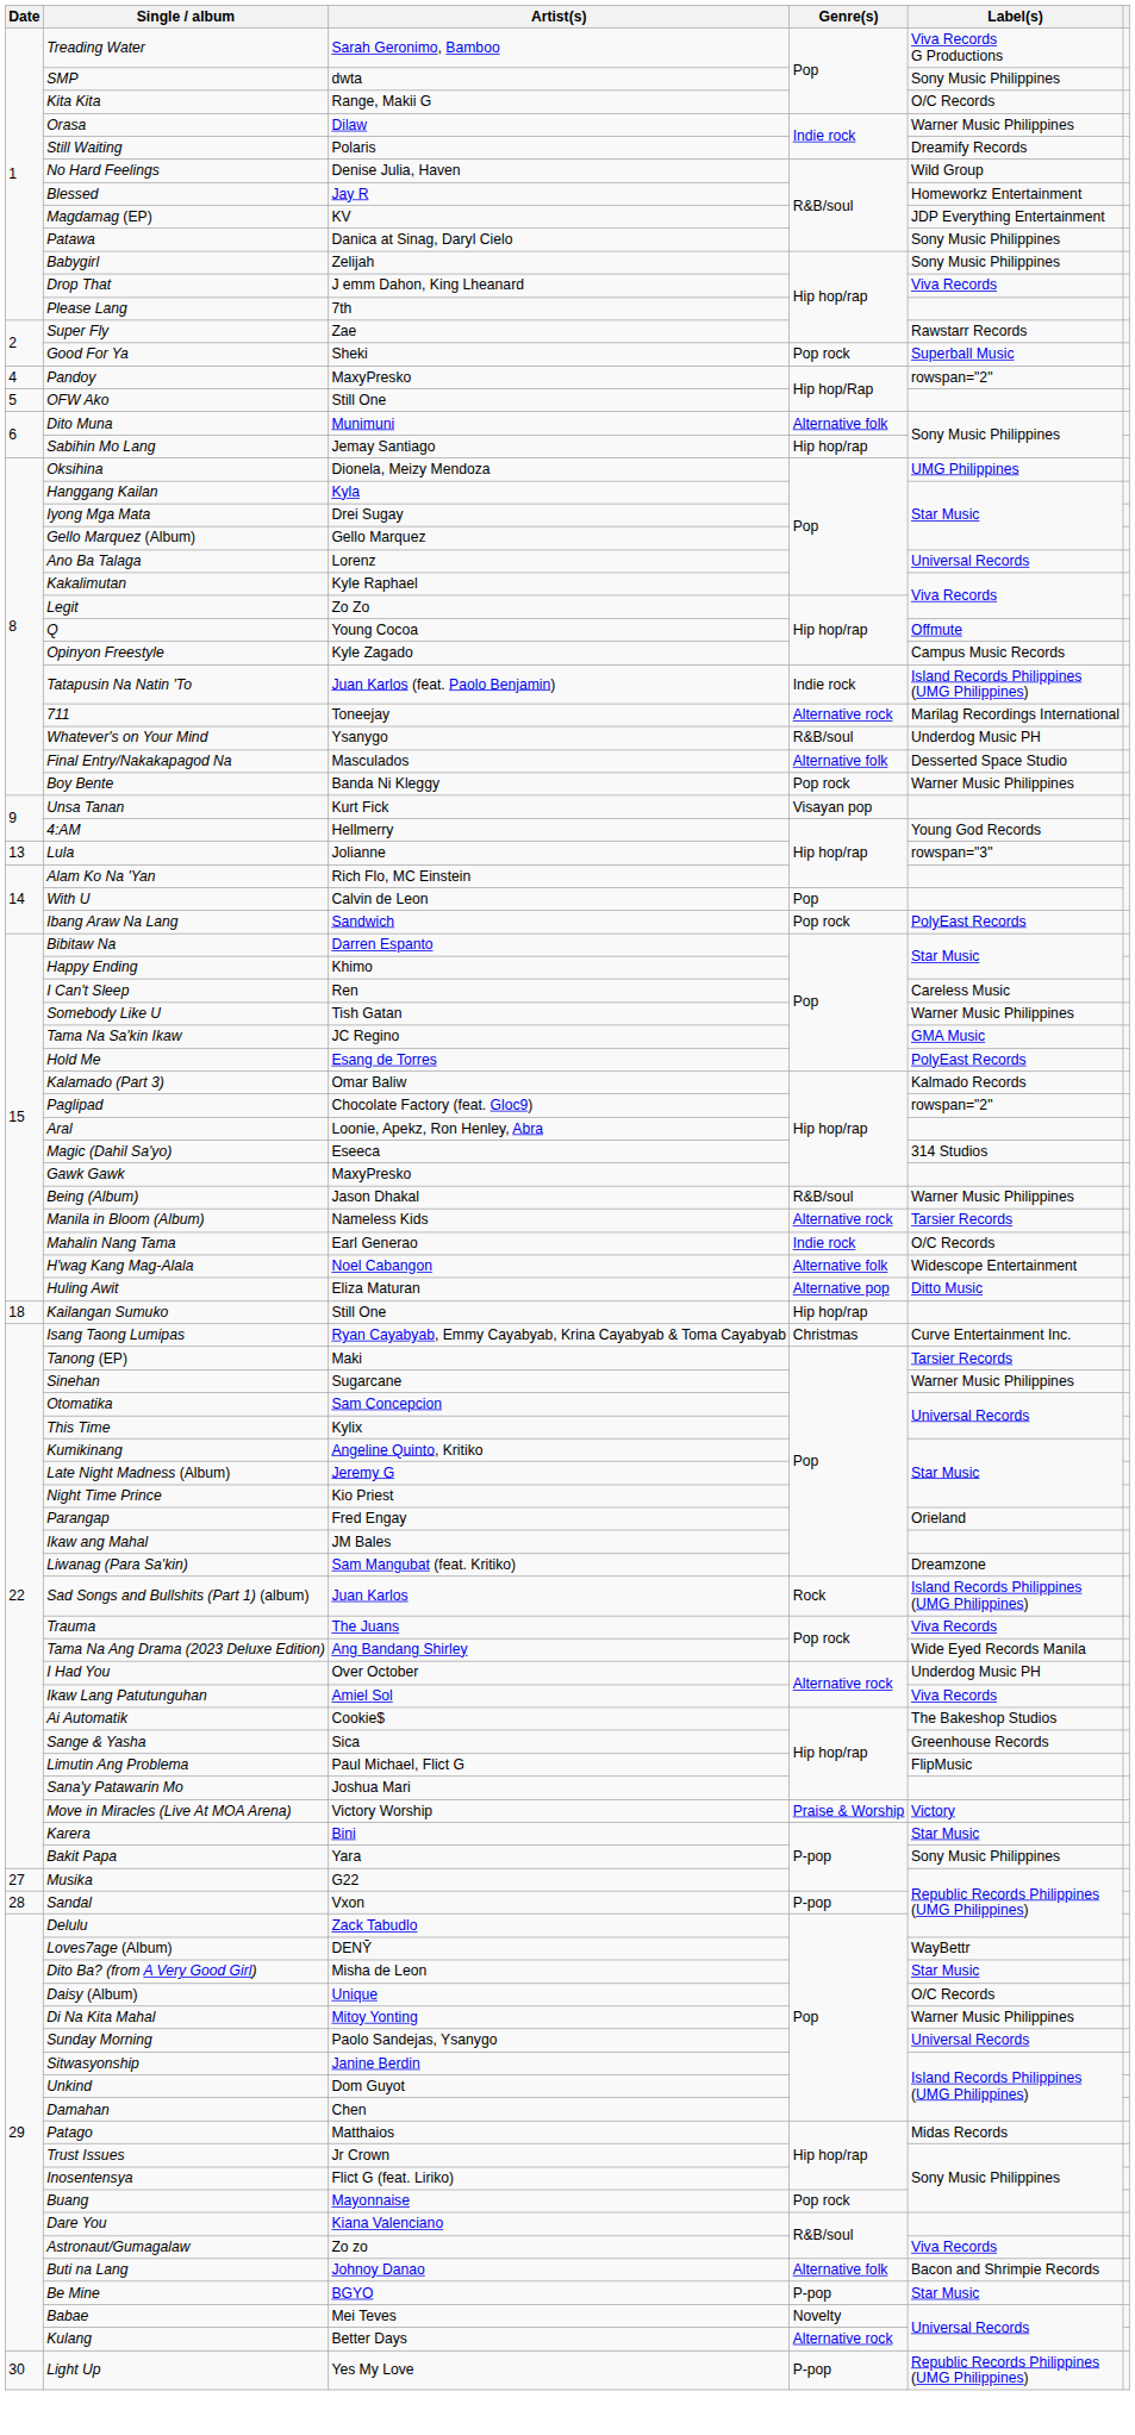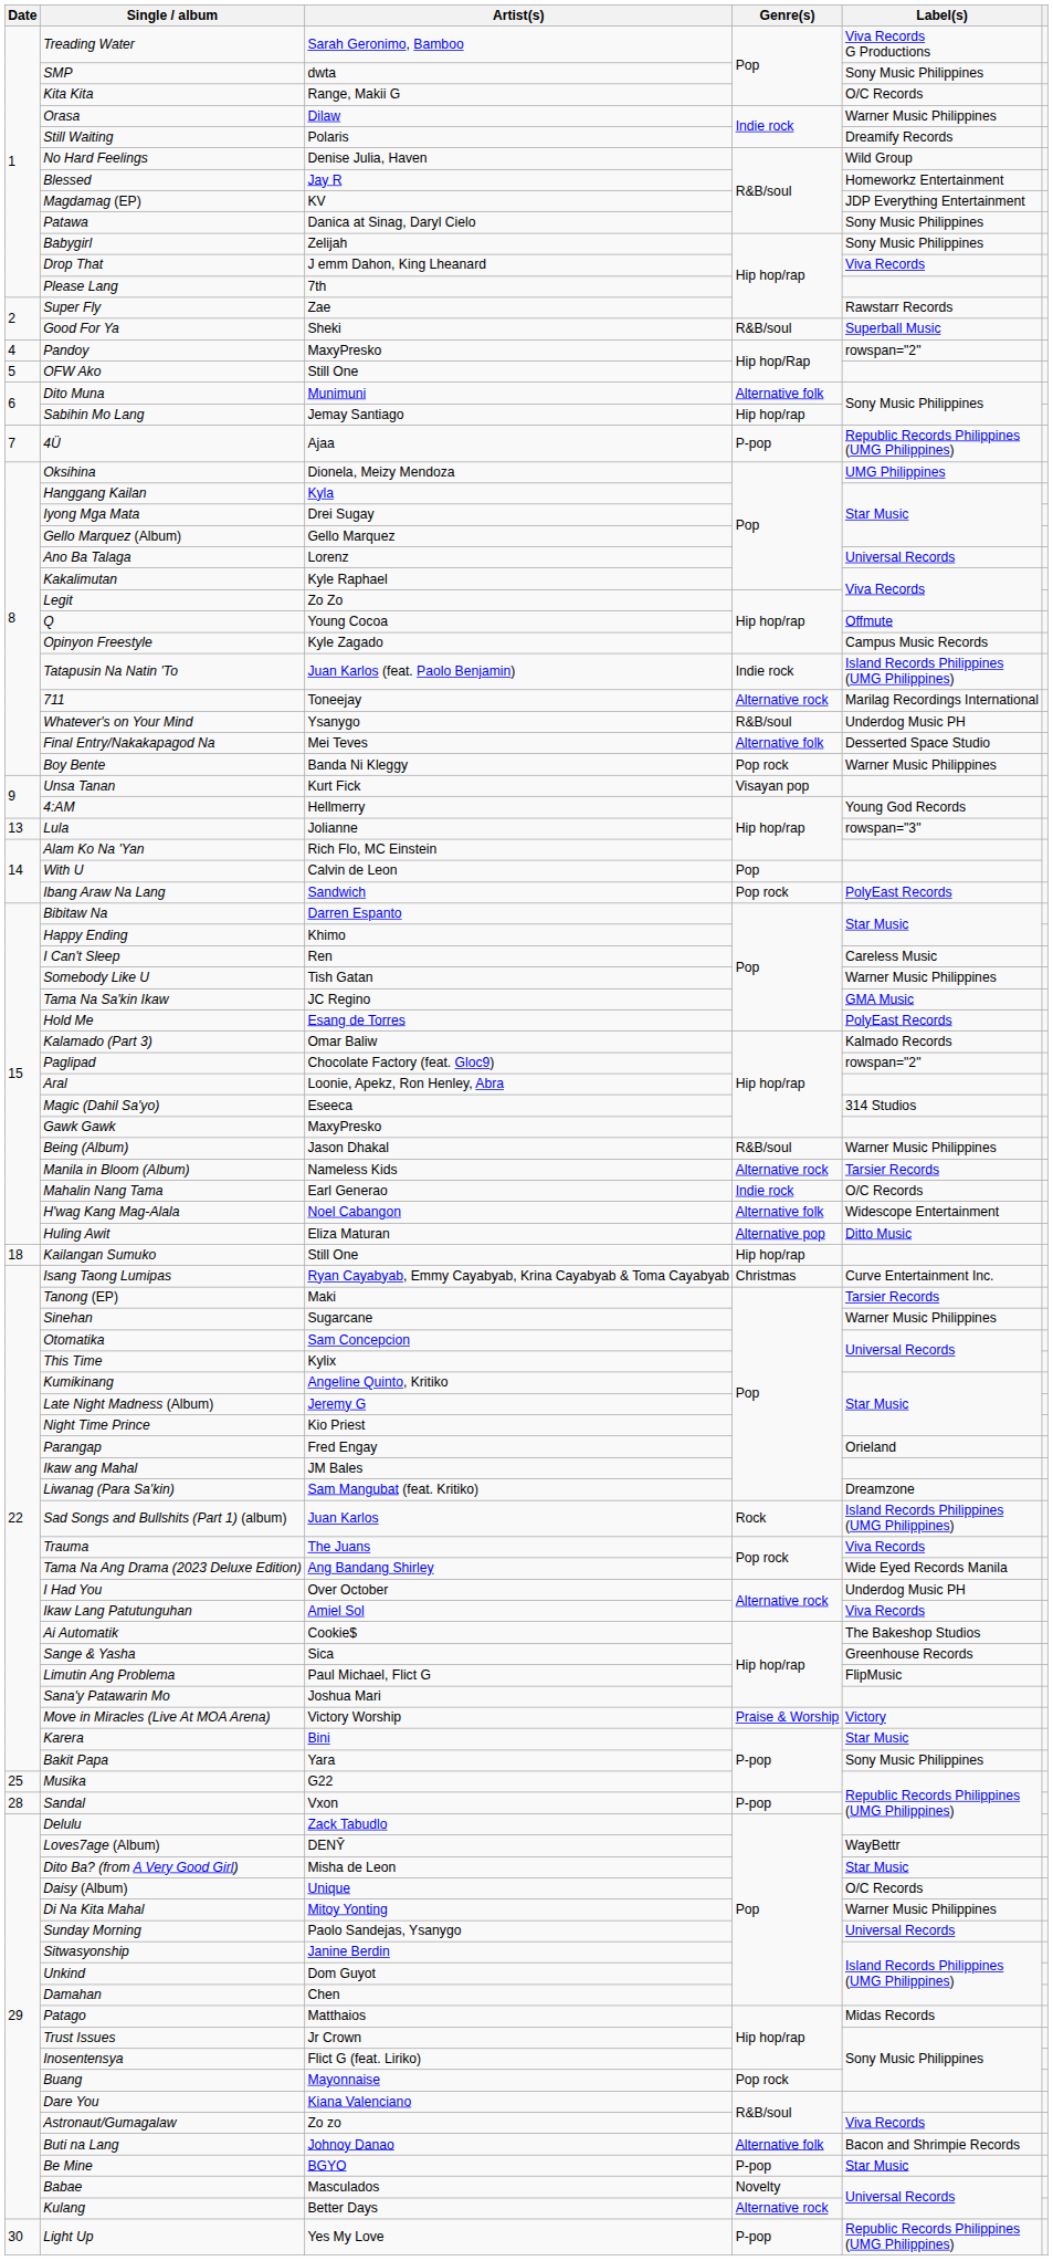 <table class="wikitable">
 <tr>
 <th>Date</th>
 <th>Single / album</th>
 <th>Artist(s)</th>
 <th>Genre(s)</th>
 <th>Label(s)</th>
 <th></th>
 </tr>
 <tr>
 <td rowspan="12">1</td>
 <td><em>Treading Water</em></td>
 <td><a href='#'>Sarah Geronimo</a>, <a href='#'>Bamboo</a></td>
 <td rowspan="3">Pop</td>
 <td><a href='#'>Viva Records</a><br>G Productions</td>
 <td></td>
 </tr>
 <tr>
 <td><em>SMP</em></td>
 <td>dwta</td>
 <td>Sony Music Philippines</td>
 <td></td>
 </tr>
 <tr>
 <td><em>Kita Kita</em></td>
 <td>Range, Makii G</td>
 <td>O/C Records</td>
 <td></td>
 </tr>
 <tr>
 <td><em>Orasa</em></td>
 <td><a href='#'>Dilaw</a></td>
 <td rowspan="2"><a href='#'>Indie rock</a></td>
 <td rowspan="1">Warner Music Philippines</td>
 <td></td>
 </tr>
 <tr>
 <td><em>Still Waiting</em></td>
 <td>Polaris</td>
 <td>Dreamify Records</td>
 </tr>
 <tr>
 <td><em>No Hard Feelings</em></td>
 <td>Denise Julia, Haven</td>
 <td rowspan="4">R&B/soul</td>
 <td>Wild Group</td>
 <td></td>
 </tr>
 <tr>
 <td><em>Blessed</em></td>
 <td><a href='#'>Jay R</a></td>
 <td>Homeworkz Entertainment</td>
 <td></td>
 </tr>
 <tr>
 <td><em>Magdamag</em> (EP)</td>
 <td>KV</td>
 <td>JDP Everything Entertainment</td>
 <td></td>
 </tr>
 <tr>
 <td><em>Patawa</em></td>
 <td>Danica at Sinag, Daryl Cielo</td>
 <td>Sony Music Philippines</td>
 <td></td>
 </tr>
 <tr>
 <td><em>Babygirl</em></td>
 <td>Zelijah</td>
 <td rowspan="4">Hip hop/rap</td>
 <td>Sony Music Philippines</td>
 <td></td>
 </tr>
 <tr>
 <td><em>Drop That</em></td>
 <td>J emm Dahon, King Lheanard</td>
 <td><a href='#'>Viva Records</a></td>
 <td></td>
 </tr>
 <tr>
 <td><em>Please Lang</em></td>
 <td>7th</td>
 <td></td>
 <td></td>
 </tr>
 <tr>
 <td rowspan="2">2</td>
 <td><em>Super Fly</em></td>
 <td>Zae</td>
 <td>Rawstarr Records</td>
 <td></td>
 </tr>
 <tr>
 <td><em>Good For Ya</em></td>
 <td>Sheki</td>
-<td>Pop rock</td>
+<td>R&B/soul</td>
 <td><a href='#'>Superball Music</a></td>
 <td></td>
 </tr>
 <tr>
 <td>4</td>
 <td><em>Pandoy</em></td>
 <td>MaxyPresko</td>
 <td rowspan="2">Hip hop/Rap</td>
 <td>rowspan="2" </td>
 <td></td>
 </tr>
 <tr>
 <td>5</td>
 <td><em>OFW Ako</em></td>
 <td>Still One</td>
 <td></td>
 </tr>
 <tr>
 <td rowspan="2">6</td>
 <td><em>Dito Muna</em></td>
 <td><a href='#'>Munimuni</a></td>
 <td><a href='#'>Alternative folk</a></td>
 <td rowspan="2">Sony Music Philippines</td>
 <td></td>
 </tr>
 <tr>
 <td><em>Sabihin Mo Lang</em></td>
 <td>Jemay Santiago</td>
 <td>Hip hop/rap</td>
+<td></td>
+</tr>
+<tr>
+<td>7</td>
+<td><em>4Ü</em></td>
+<td>Ajaa</td>
+<td>P-pop</td>
+<td><a href='#'>Republic Records Philippines</a><br>(<a href='#'>UMG Philippines</a>)</td>
 <td></td>
 </tr>
 <tr>
 <td rowspan="14">8</td>
 <td><em>Oksihina</em></td>
 <td>Dionela, Meizy Mendoza</td>
 <td rowspan="6">Pop</td>
 <td><a href='#'>UMG Philippines</a></td>
 <td></td>
 </tr>
 <tr>
 <td><em>Hanggang Kailan</em></td>
 <td><a href='#'>Kyla</a></td>
 <td rowspan="3"><a href='#'>Star Music</a></td>
 <td></td>
 </tr>
 <tr>
 <td><em>Iyong Mga Mata</em></td>
 <td>Drei Sugay</td>
 <td></td>
 </tr>
 <tr>
 <td><em>Gello Marquez</em> (Album)</td>
 <td>Gello Marquez</td>
 <td></td>
 </tr>
 <tr>
 <td><em>Ano Ba Talaga</em></td>
 <td>Lorenz</td>
 <td><a href='#'>Universal Records</a></td>
 <td></td>
 </tr>
 <tr>
 <td><em>Kakalimutan</em></td>
 <td>Kyle Raphael</td>
 <td rowspan="2"><a href='#'>Viva Records</a></td>
 <td></td>
 </tr>
 <tr>
 <td><em>Legit</em></td>
 <td>Zo Zo</td>
 <td rowspan="3">Hip hop/rap</td>
 <td></td>
 </tr>
 <tr>
 <td><em>Q</em></td>
 <td>Young Cocoa</td>
 <td><a href='#'>Offmute</a></td>
 <td></td>
 </tr>
 <tr>
 <td><em>Opinyon Freestyle</em></td>
 <td>Kyle Zagado</td>
 <td>Campus Music Records</td>
 <td></td>
 </tr>
 <tr>
 <td><em>Tatapusin Na Natin 'To</em></td>
 <td><a href='#'>Juan Karlos</a> (feat. <a href='#'>Paolo Benjamin</a>)</td>
 <td>Indie rock</td>
 <td><a href='#'>Island Records Philippines</a><br>(<a href='#'>UMG Philippines</a>)</td>
 <td></td>
 </tr>
 <tr>
 <td><em>711</em></td>
 <td>Toneejay</td>
 <td><a href='#'>Alternative rock</a></td>
 <td>Marilag Recordings International</td>
 <td></td>
 </tr>
 <tr>
 <td><em>Whatever's on Your Mind</em></td>
 <td>Ysanygo</td>
 <td>R&B/soul</td>
 <td>Underdog Music PH</td>
 </tr>
 <tr>
 <td><em>Final Entry/Nakakapagod Na</em></td>
-<td>Masculados</td>
+<td>Mei Teves</td>
 <td><a href='#'>Alternative folk</a></td>
 <td>Desserted Space Studio</td>
 <td></td>
 </tr>
 <tr>
 <td><em>Boy Bente</em></td>
 <td>Banda Ni Kleggy</td>
 <td>Pop rock</td>
 <td>Warner Music Philippines</td>
 <td></td>
 </tr>
 <tr>
 <td rowspan="2">9</td>
 <td><em>Unsa Tanan</em></td>
 <td>Kurt Fick</td>
 <td>Visayan pop</td>
 <td></td>
 <td></td>
 </tr>
 <tr>
 <td><em>4:AM</em></td>
 <td>Hellmerry</td>
 <td rowspan="3">Hip hop/rap</td>
 <td>Young God Records</td>
 <td></td>
 </tr>
 <tr>
 <td>13</td>
 <td><em>Lula</em></td>
 <td>Jolianne</td>
 <td>rowspan="3" </td>
 <td></td>
 </tr>
 <tr>
 <td rowspan="3">14</td>
 <td><em>Alam Ko Na 'Yan</em></td>
 <td>Rich Flo, MC Einstein</td>
 <td></td>
 </tr>
 <tr>
 <td><em>With U</em></td>
 <td>Calvin de Leon</td>
 <td>Pop</td>
 <td></td>
 </tr>
 <tr>
 <td><em>Ibang Araw Na Lang</em></td>
 <td><a href='#'>Sandwich</a></td>
 <td>Pop rock</td>
 <td><a href='#'>PolyEast Records</a></td>
 <td></td>
 </tr>
 <tr>
 <td rowspan="16">15</td>
 <td><em>Bibitaw Na</em></td>
 <td><a href='#'>Darren Espanto</a></td>
 <td rowspan="6">Pop</td>
 <td rowspan="2"><a href='#'>Star Music</a></td>
 <td></td>
 </tr>
 <tr>
 <td><em>Happy Ending</em></td>
 <td>Khimo</td>
 <td></td>
 </tr>
 <tr>
 <td><em>I Can't Sleep</em></td>
 <td>Ren</td>
 <td>Careless Music</td>
 <td></td>
 </tr>
 <tr>
 <td><em>Somebody Like U</em></td>
 <td>Tish Gatan</td>
 <td>Warner Music Philippines</td>
 <td></td>
 </tr>
 <tr>
 <td><em>Tama Na Sa'kin Ikaw</em></td>
 <td>JC Regino</td>
 <td><a href='#'>GMA Music</a></td>
 <td></td>
 </tr>
 <tr>
 <td><em>Hold Me</em></td>
 <td><a href='#'>Esang de Torres</a></td>
 <td><a href='#'>PolyEast Records</a></td>
 <td></td>
 </tr>
 <tr>
 <td><em>Kalamado (Part 3)</em></td>
 <td>Omar Baliw</td>
 <td rowspan="5">Hip hop/rap</td>
 <td>Kalmado Records</td>
 <td></td>
 </tr>
 <tr>
 <td><em>Paglipad</em></td>
 <td>Chocolate Factory (feat. <a href='#'>Gloc9</a>)</td>
 <td>rowspan="2" </td>
 <td></td>
 </tr>
 <tr>
 <td><em>Aral</em></td>
 <td>Loonie, Apekz, Ron Henley, <a href='#'>Abra</a></td>
 <td></td>
 </tr>
 <tr>
 <td><em>Magic (Dahil Sa'yo)</em></td>
 <td>Eseeca</td>
 <td>314 Studios</td>
 <td></td>
 </tr>
 <tr>
 <td><em>Gawk Gawk</em></td>
 <td>MaxyPresko</td>
 <td></td>
 <td></td>
 </tr>
 <tr>
 <td><em>Being (Album)</em></td>
 <td>Jason Dhakal</td>
 <td>R&B/soul</td>
 <td>Warner Music Philippines</td>
 <td></td>
 </tr>
 <tr>
 <td><em>Manila in Bloom (Album)</em></td>
 <td>Nameless Kids</td>
 <td><a href='#'>Alternative rock</a></td>
 <td><a href='#'>Tarsier Records</a></td>
 <td></td>
 </tr>
 <tr>
 <td><em>Mahalin Nang Tama</em></td>
 <td>Earl Generao</td>
 <td><a href='#'>Indie rock</a></td>
 <td>O/C Records</td>
 <td></td>
 </tr>
 <tr>
 <td><em>H'wag Kang Mag-Alala</em></td>
 <td><a href='#'>Noel Cabangon</a></td>
 <td><a href='#'>Alternative folk</a></td>
 <td>Widescope Entertainment</td>
 <td></td>
 </tr>
 <tr>
 <td><em>Huling Awit</em></td>
 <td>Eliza Maturan</td>
 <td><a href='#'>Alternative pop</a></td>
 <td><a href='#'>Ditto Music</a></td>
 <td></td>
 </tr>
 <tr>
 <td>18</td>
 <td><em>Kailangan Sumuko</em></td>
 <td>Still One</td>
 <td>Hip hop/rap</td>
 <td></td>
 <td></td>
 </tr>
 <tr>
 <td rowspan="23">22</td>
 <td><em>Isang Taong Lumipas</em></td>
 <td><a href='#'>Ryan Cayabyab</a>, Emmy Cayabyab, Krina Cayabyab & Toma Cayabyab</td>
 <td>Christmas</td>
 <td>Curve Entertainment Inc.</td>
 <td></td>
 </tr>
 <tr>
 <td><em>Tanong</em> (EP)</td>
 <td>Maki</td>
 <td rowspan="10">Pop</td>
 <td><a href='#'>Tarsier Records</a></td>
 <td></td>
 </tr>
 <tr>
 <td><em>Sinehan</em></td>
 <td>Sugarcane</td>
 <td>Warner Music Philippines</td>
 <td></td>
 </tr>
 <tr>
 <td><em>Otomatika</em></td>
 <td><a href='#'>Sam Concepcion</a></td>
 <td rowspan="2"><a href='#'>Universal Records</a></td>
 <td></td>
 </tr>
 <tr>
 <td><em>This Time</em></td>
 <td>Kylix</td>
 <td></td>
 </tr>
 <tr>
 <td><em>Kumikinang</em></td>
 <td><a href='#'>Angeline Quinto</a>, Kritiko</td>
 <td rowspan="3"><a href='#'>Star Music</a></td>
 <td></td>
 </tr>
 <tr>
 <td><em>Late Night Madness</em> (Album)</td>
 <td><a href='#'>Jeremy G</a></td>
 <td></td>
 </tr>
 <tr>
 <td><em>Night Time Prince</em></td>
 <td>Kio Priest</td>
 <td></td>
 </tr>
 <tr>
 <td><em>Parangap</em></td>
 <td>Fred Engay</td>
 <td>Orieland</td>
 <td></td>
 </tr>
 <tr>
 <td><em>Ikaw ang Mahal</em></td>
 <td>JM Bales</td>
 <td></td>
 <td></td>
 </tr>
 <tr>
 <td><em>Liwanag (Para Sa'kin)</em></td>
 <td><a href='#'>Sam Mangubat</a> (feat. Kritiko)</td>
 <td>Dreamzone</td>
 <td></td>
 </tr>
 <tr>
 <td><em>Sad Songs and Bullshits (Part 1)</em> (album)</td>
 <td><a href='#'>Juan Karlos</a></td>
 <td>Rock</td>
 <td><a href='#'>Island Records Philippines</a><br>(<a href='#'>UMG Philippines</a>)</td>
 <td></td>
 </tr>
 <tr>
 <td><em>Trauma</em></td>
 <td><a href='#'>The Juans</a></td>
 <td rowspan="2">Pop rock</td>
 <td><a href='#'>Viva Records</a></td>
 <td></td>
 </tr>
 <tr>
 <td><em>Tama Na Ang Drama (2023 Deluxe Edition)</em></td>
 <td><a href='#'>Ang Bandang Shirley</a></td>
 <td>Wide Eyed Records Manila</td>
 <td></td>
 </tr>
 <tr>
 <td><em>I Had You</em></td>
 <td>Over October</td>
 <td rowspan="2"><a href='#'>Alternative rock</a></td>
 <td>Underdog Music PH</td>
 <td></td>
 </tr>
 <tr>
 <td><em>Ikaw Lang Patutunguhan</em></td>
 <td><a href='#'>Amiel Sol</a></td>
 <td><a href='#'>Viva Records</a></td>
 <td></td>
 </tr>
 <tr>
 <td><em>Ai Automatik</em></td>
 <td>Cookie$</td>
 <td rowspan="4">Hip hop/rap</td>
 <td>The Bakeshop Studios</td>
 <td></td>
 </tr>
 <tr>
 <td><em>Sange & Yasha</em></td>
 <td>Sica</td>
 <td>Greenhouse Records</td>
 <td></td>
 </tr>
 <tr>
 <td><em>Limutin Ang Problema</em></td>
 <td>Paul Michael, Flict G</td>
 <td>FlipMusic</td>
 <td></td>
 </tr>
 <tr>
 <td><em>Sana'y Patawarin Mo</em></td>
 <td>Joshua Mari</td>
 <td></td>
 <td></td>
 </tr>
 <tr>
 <td><em>Move in Miracles (Live At MOA Arena)</em></td>
 <td>Victory Worship</td>
 <td><a href='#'>Praise & Worship</a></td>
 <td><a href='#'>Victory</a></td>
 <td></td>
 </tr>
 <tr>
 <td><em>Karera</em></td>
 <td><a href='#'>Bini</a></td>
 <td rowspan="3">P-pop</td>
 <td><a href='#'>Star Music</a></td>
 <td></td>
 </tr>
 <tr>
 <td><em>Bakit Papa</em></td>
 <td>Yara</td>
 <td>Sony Music Philippines</td>
 <td></td>
 </tr>
 <tr>
-<td>27</td>
+<td>25</td>
 <td><em>Musika</em></td>
 <td>G22</td>
 <td rowspan="3"><a href='#'>Republic Records Philippines</a><br>(<a href='#'>UMG Philippines</a>)</td>
 <td></td>
 </tr>
 <tr>
 <td>28</td>
 <td><em>Sandal</em></td>
 <td>Vxon</td>
 <td>P-pop</td>
 <td></td>
 </tr>
 <tr>
 <td rowspan="19">29</td>
 <td><em>Delulu</em></td>
 <td><a href='#'>Zack Tabudlo</a></td>
 <td rowspan="9">Pop</td>
 <td></td>
 </tr>
 <tr>
 <td><em>Loves7age</em> (Album)</td>
 <td>DENȲ</td>
 <td>WayBettr</td>
 <td></td>
 </tr>
 <tr>
 <td><em>Dito Ba? (from <a href='#'>A Very Good Girl</a>)</em></td>
 <td>Misha de Leon</td>
 <td><a href='#'>Star Music</a></td>
 <td></td>
 </tr>
 <tr>
 <td><em>Daisy</em> (Album)</td>
 <td><a href='#'>Unique</a></td>
 <td>O/C Records</td>
 <td></td>
 </tr>
 <tr>
 <td><em>Di Na Kita Mahal</em></td>
 <td><a href='#'>Mitoy Yonting</a></td>
 <td>Warner Music Philippines</td>
 <td></td>
 </tr>
 <tr>
 <td><em>Sunday Morning</em></td>
 <td>Paolo Sandejas, Ysanygo</td>
 <td><a href='#'>Universal Records</a></td>
 <td></td>
 </tr>
 <tr>
 <td><em>Sitwasyonship</em></td>
 <td><a href='#'>Janine Berdin</a></td>
 <td rowspan="3"><a href='#'>Island Records Philippines</a><br>(<a href='#'>UMG Philippines</a>)</td>
 <td></td>
 </tr>
 <tr>
 <td><em>Unkind</em></td>
 <td>Dom Guyot</td>
 <td></td>
 </tr>
 <tr>
 <td><em>Damahan</em></td>
 <td>Chen</td>
 <td></td>
 </tr>
 <tr>
 <td><em>Patago</em></td>
 <td>Matthaios</td>
 <td rowspan="3">Hip hop/rap</td>
 <td>Midas Records</td>
 <td></td>
 </tr>
 <tr>
 <td><em>Trust Issues</em></td>
 <td>Jr Crown</td>
 <td rowspan="3">Sony Music Philippines</td>
 <td></td>
 </tr>
 <tr>
 <td><em>Inosentensya</em></td>
 <td>Flict G (feat. Liriko)</td>
 <td></td>
 </tr>
 <tr>
 <td><em>Buang</em></td>
 <td><a href='#'>Mayonnaise</a></td>
 <td>Pop rock</td>
 <td></td>
 </tr>
 <tr>
 <td><em>Dare You</em></td>
 <td><a href='#'>Kiana Valenciano</a></td>
 <td rowspan="2">R&B/soul</td>
 <td></td>
 <td></td>
 </tr>
 <tr>
 <td><em>Astronaut/Gumagalaw</em></td>
 <td>Zo zo</td>
 <td><a href='#'>Viva Records</a></td>
 <td></td>
 </tr>
 <tr>
 <td><em>Buti na Lang</em></td>
 <td><a href='#'>Johnoy Danao</a></td>
 <td><a href='#'>Alternative folk</a></td>
 <td>Bacon and Shrimpie Records</td>
 <td></td>
 </tr>
 <tr>
 <td><em>Be Mine</em></td>
 <td><a href='#'>BGYO</a></td>
 <td>P-pop</td>
 <td><a href='#'>Star Music</a></td>
 <td></td>
 </tr>
 <tr>
 <td><em>Babae</em></td>
-<td>Mei Teves</td>
+<td>Masculados</td>
 <td>Novelty</td>
 <td rowspan="2"><a href='#'>Universal Records</a></td>
 <td></td>
 </tr>
 <tr>
 <td><em>Kulang</em></td>
 <td>Better Days</td>
 <td><a href='#'>Alternative rock</a></td>
 <td></td>
 </tr>
 <tr>
 <td>30</td>
 <td><em>Light Up</em></td>
 <td>Yes My Love</td>
 <td>P-pop</td>
 <td><a href='#'>Republic Records Philippines</a><br>(<a href='#'>UMG Philippines</a>)</td>
 <td></td>
 </tr>
 </table>
